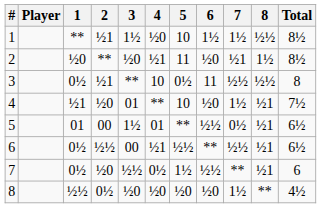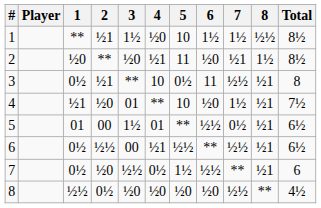 <table class="wikitable" style="text-align: center; margin: 0em 4em">
 <tr>
 <th>#</th>
 <th>Player</th>
 <th>1</th>
 <th>2</th>
 <th>3</th>
 <th>4</th>
 <th>5</th>
 <th>6</th>
 <th>7</th>
 <th>8</th>
 <th>Total</th>
 </tr>
 <tr>
 <td>1</td>
 <td align=left></td>
 <td>**</td>
 <td>½1</td>
 <td>1½</td>
 <td>½0</td>
 <td>10</td>
 <td>1½</td>
 <td>1½</td>
 <td>½½</td>
 <td>8½</td>
 </tr>
 <tr>
 <td>2</td>
 <td align=left></td>
 <td>½0</td>
 <td>**</td>
 <td>½0</td>
 <td>½1</td>
 <td>11</td>
 <td>½0</td>
 <td>½1</td>
 <td>1½</td>
 <td>8½</td>
 </tr>
 <tr>
 <td>3</td>
 <td align=left></td>
 <td>0½</td>
 <td>½1</td>
 <td>**</td>
 <td>10</td>
 <td>0½</td>
 <td>11</td>
 <td>½½</td>
-<td>½½</td>
+<td>½1</td>
 <td>8</td>
 </tr>
 <tr>
 <td>4</td>
 <td align=left></td>
 <td>½1</td>
 <td>½0</td>
 <td>01</td>
 <td>**</td>
 <td>10</td>
 <td>½0</td>
 <td>1½</td>
 <td>½1</td>
 <td>7½</td>
 </tr>
 <tr>
 <td>5</td>
 <td align=left></td>
 <td>01</td>
 <td>00</td>
 <td>1½</td>
 <td>01</td>
 <td>**</td>
 <td>½½</td>
 <td>0½</td>
 <td>½1</td>
 <td>6½</td>
 </tr>
 <tr>
 <td>6</td>
 <td align=left></td>
 <td>0½</td>
 <td>½½</td>
 <td>00</td>
 <td>½1</td>
 <td>½½</td>
 <td>**</td>
 <td>½½</td>
 <td>½1</td>
 <td>6½</td>
 </tr>
 <tr>
 <td>7</td>
 <td align=left></td>
 <td>0½</td>
 <td>½0</td>
 <td>½½</td>
 <td>0½</td>
 <td>1½</td>
 <td>½½</td>
 <td>**</td>
 <td>½1</td>
 <td>6</td>
 </tr>
 <tr>
 <td>8</td>
 <td align=left></td>
 <td>½½</td>
 <td>0½</td>
 <td>½0</td>
 <td>½0</td>
 <td>½0</td>
 <td>½0</td>
-<td>1½</td>
+<td>½½</td>
 <td>**</td>
 <td>4½</td>
 </tr>
 </table>
